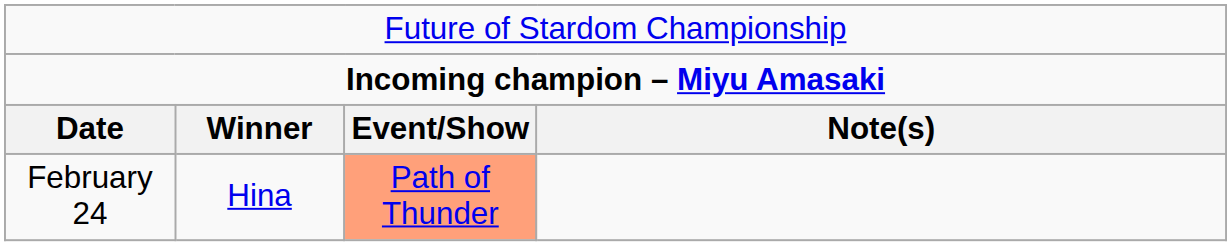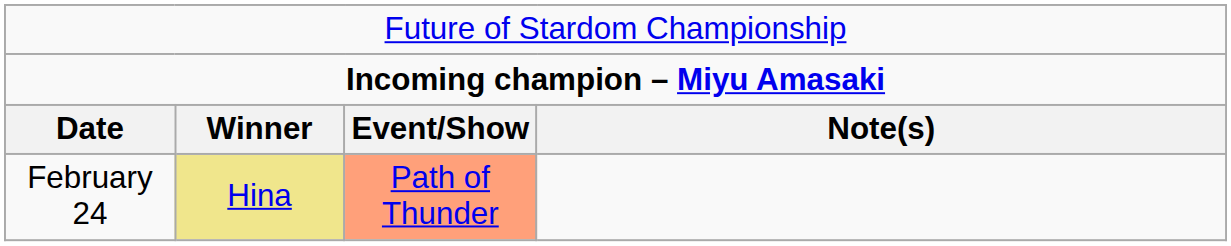 <table class="wikitable" style="text-align:center; width:100%;">
 <tr>
 <td colspan="4" style="text-align: center;"><a href='#'>Future of Stardom Championship</a></td>
 </tr>
 <tr>
 <td colspan="4" style="text-align: center;"><strong>Incoming champion – <a href='#'>Miyu Amasaki</a></strong></td>
 </tr>
 <tr>
 <th width=14%>Date</th>
 <th width=14%>Winner</th>
 <th width=14%>Event/Show</th>
 <th width=58%>Note(s)</th>
 </tr>
 <tr>
 <td>February 24</td>
-<td><a href='#'>Hina</a></td>
+<td style="background: khaki;"><a href='#'>Hina</a></td>
 <td style="background: lightsalmon;"><a href='#'>Path of Thunder</a></td>
 <td></td>
 </tr>
 </table>
